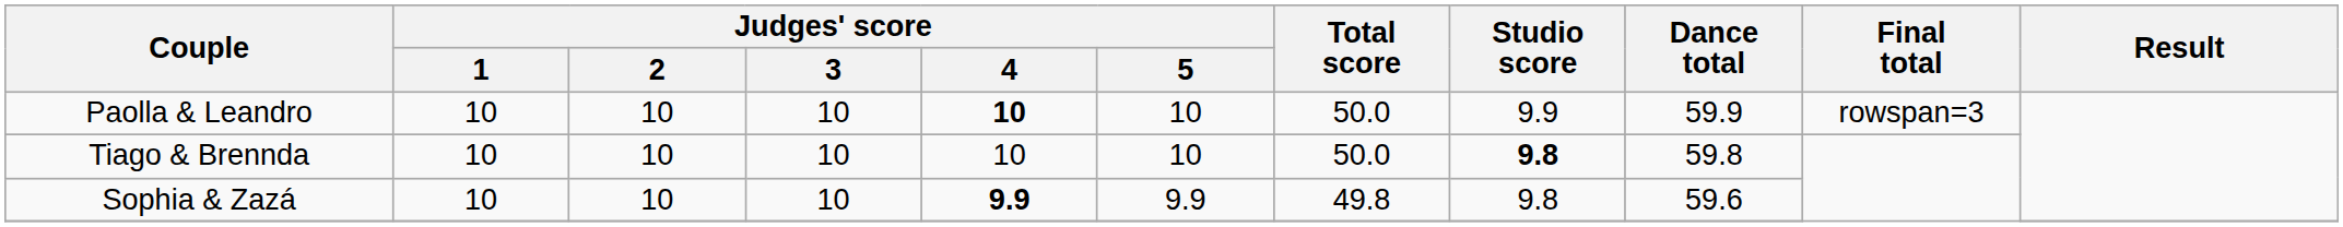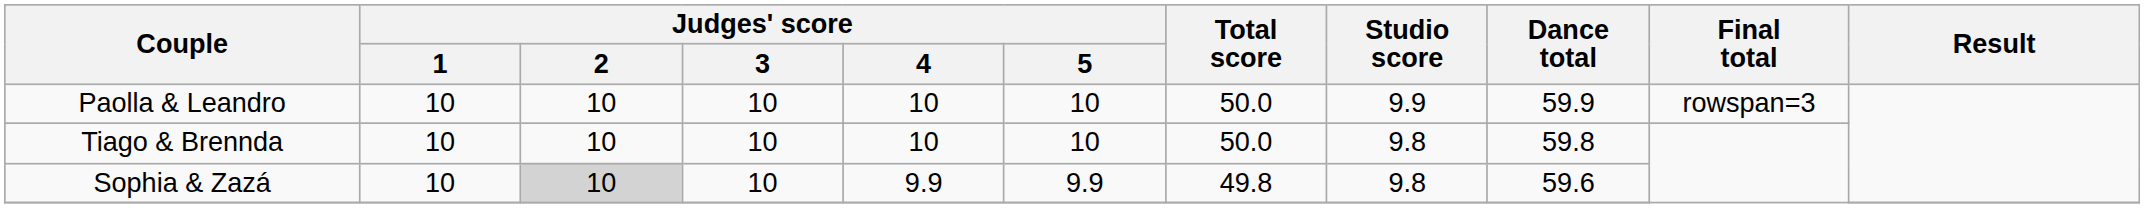 <table class="wikitable" style="font-size:100%; line-height:16px; text-align:center" width="100%">
 <tr>
 <th rowspan=2 width="11.0%">Couple</th>
 <th colspan=5 width="25.0%">Judges' score</th>
 <th rowspan=2 width="05.0%">Total<br>score</th>
 <th rowspan=2 width="05.0%">Studio<br>score</th>
 <th rowspan=2 width="05.0%">Dance<br>total</th>
 <th rowspan=2 width="05.0%">Final<br>total</th>
 <th rowspan=2 width="09.0%">Result</th>
 </tr>
 <tr>
 <th width="05.0%">1</th>
 <th width="05.0%">2</th>
 <th width="05.0%">3</th>
 <th width="05.0%">4</th>
 <th width="05.0%">5</th>
 </tr>
 <tr>
 <td>Paolla & Leandro</td>
 <td>10</td>
 <td>10</td>
 <td>10</td>
-<td><strong>10</strong></td>
+<td>10</td>
 <td>10</td>
 <td>50.0</td>
 <td>9.9</td>
 <td>59.9</td>
 <td>rowspan=3 </td>
 <td rowspan=3></td>
 </tr>
 <tr>
 <td>Tiago & Brennda</td>
 <td>10</td>
 <td>10</td>
 <td>10</td>
 <td>10</td>
 <td>10</td>
 <td>50.0</td>
-<td><strong>9.8</strong></td>
+<td>9.8</td>
 <td>59.8</td>
 </tr>
 <tr>
 <td>Sophia & Zazá</td>
 <td>10</td>
+<td style="background: lightgrey;">10</td>
 <td>10</td>
-<td>10</td>
-<td><strong>9.9</strong></td>
+<td>9.9</td>
 <td>9.9</td>
 <td>49.8</td>
 <td>9.8</td>
 <td>59.6</td>
 </tr>
 <tr>
 </tr>
 </table>
